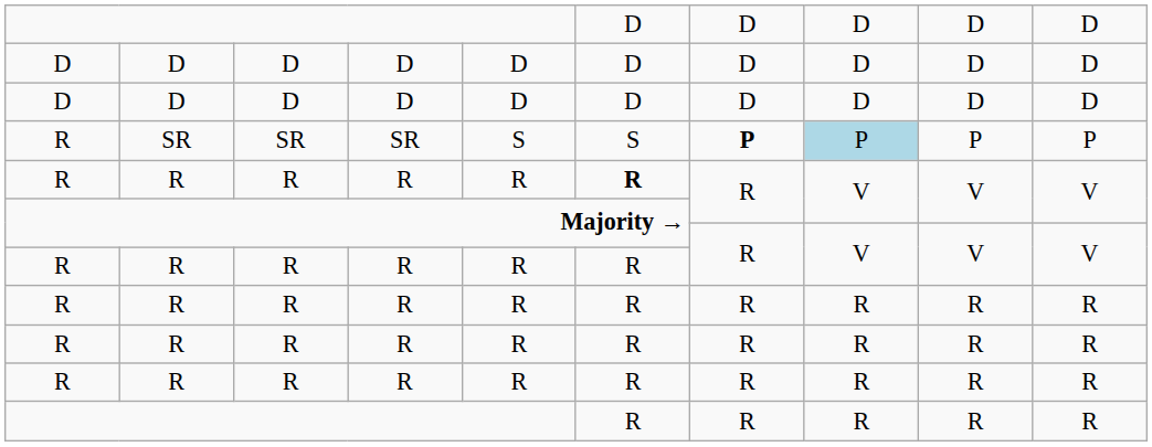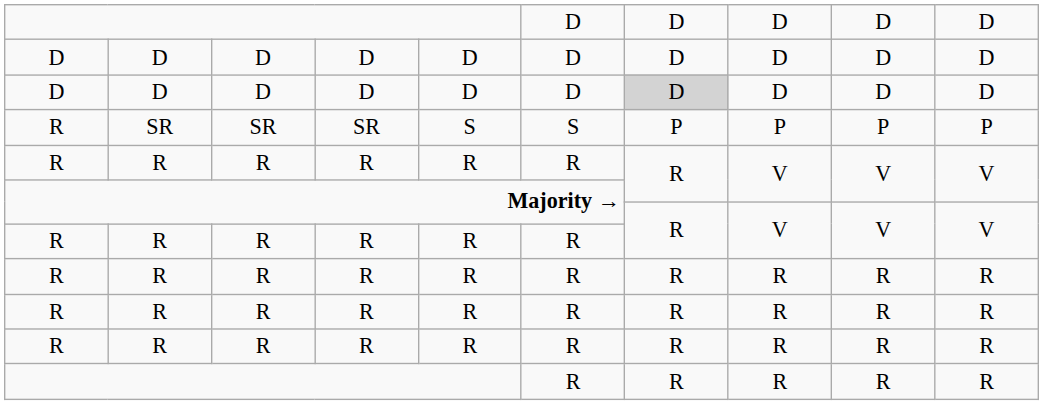 <table class="wikitable" style="text-align:center" width=750px>
 <tr>
 <td colspan=5> </td>
 <td>D</td>
 <td>D</td>
 <td>D</td>
 <td>D</td>
 <td>D</td>
 </tr>
 <tr>
 <td width=50px >D</td>
 <td width=50px >D</td>
 <td width=50px >D</td>
 <td width=50px >D</td>
 <td width=50px >D</td>
 <td width=50px >D</td>
 <td width=50px >D</td>
 <td width=50px >D</td>
 <td width=50px >D</td>
 <td width=50px >D</td>
 </tr>
 <tr>
 <td>D</td>
 <td>D</td>
 <td>D</td>
 <td>D</td>
 <td>D<br></td>
 <td>D<br></td>
-<td>D<br></td>
+<td style="background: lightgrey;">D<br></td>
 <td>D<br></td>
 <td>D<br></td>
 <td>D<br></td>
 </tr>
 <tr>
 <td>R<br></td>
 <td>SR<br></td>
 <td>SR</td>
 <td>SR</td>
 <td>S</td>
 <td>S</td>
-<td><strong>P</strong></td>
-<td style="background: lightblue;">P</td>
+<td>P</td>
+<td>P</td>
 <td>P</td>
 <td>P</td>
 </tr>
 <tr>
 <td>R<br></td>
 <td>R<br></td>
 <td>R<br></td>
 <td>R<br></td>
 <td>R<br></td>
-<td><strong>R<br></strong></td>
+<td>R<br></td>
 <td rowspan=2 >R<br></td>
 <td rowspan=2 >V<br></td>
 <td rowspan=2 >V<br></td>
 <td rowspan=2 >V<br></td>
 </tr>
 <tr style="height:1em">
 <td rowspan=2 colspan=6 align=right><strong>Majority →</strong></td>
 </tr>
 <tr style="height:1em">
 <td rowspan=2 >R<br></td>
 <td rowspan=2 >V<br></td>
 <td rowspan=2 >V<br></td>
 <td rowspan=2 >V<br></td>
 </tr>
 <tr style="height:1em">
 <td>R<br></td>
 <td>R<br></td>
 <td>R<br></td>
 <td>R<br></td>
 <td>R<br></td>
 <td>R<br></td>
 </tr>
 <tr>
 <td>R<br></td>
 <td>R<br></td>
 <td>R</td>
 <td>R</td>
 <td>R</td>
 <td>R</td>
 <td>R</td>
 <td>R</td>
 <td>R</td>
 <td>R</td>
 </tr>
 <tr>
 <td>R</td>
 <td>R</td>
 <td>R</td>
 <td>R</td>
 <td>R</td>
 <td>R</td>
 <td>R</td>
 <td>R</td>
 <td>R</td>
 <td>R</td>
 </tr>
 <tr>
 <td>R</td>
 <td>R</td>
 <td>R</td>
 <td>R</td>
 <td>R</td>
 <td>R</td>
 <td>R</td>
 <td>R</td>
 <td>R</td>
 <td>R</td>
 </tr>
 <tr>
 <td colspan=5> </td>
 <td>R</td>
 <td>R</td>
 <td>R</td>
 <td>R</td>
 <td>R</td>
 </tr>
 </table>
